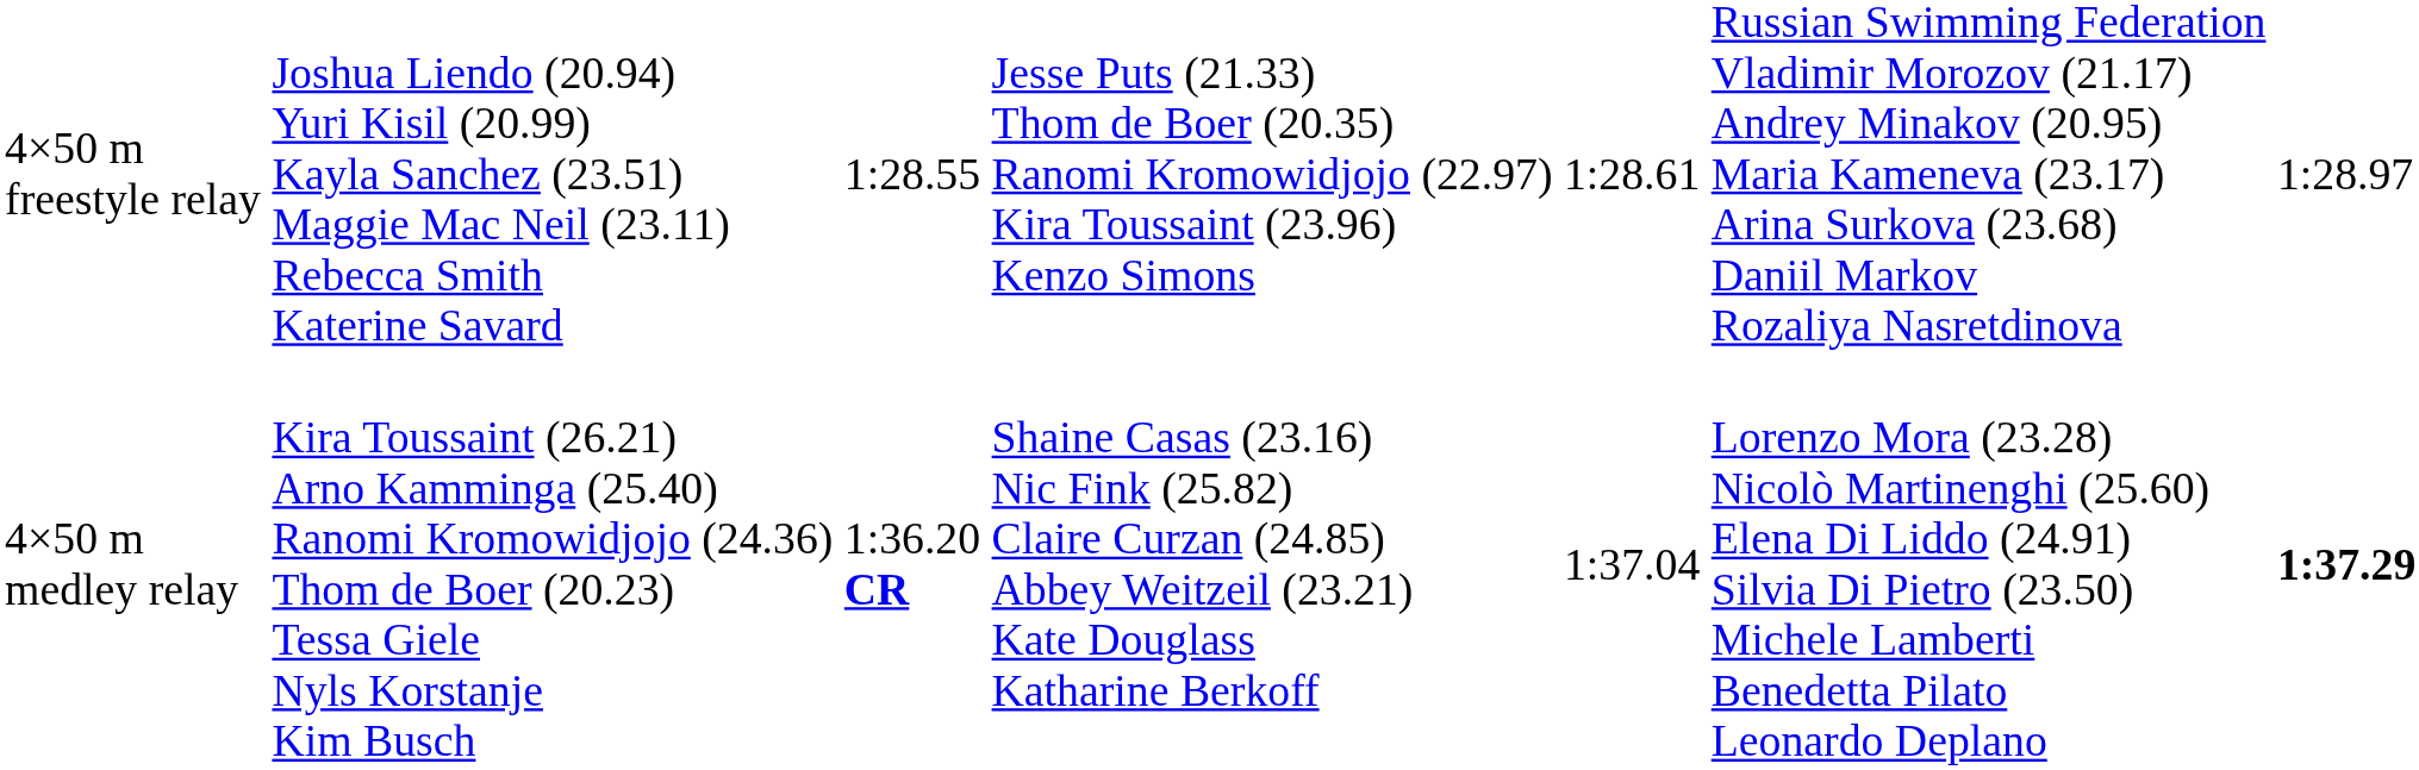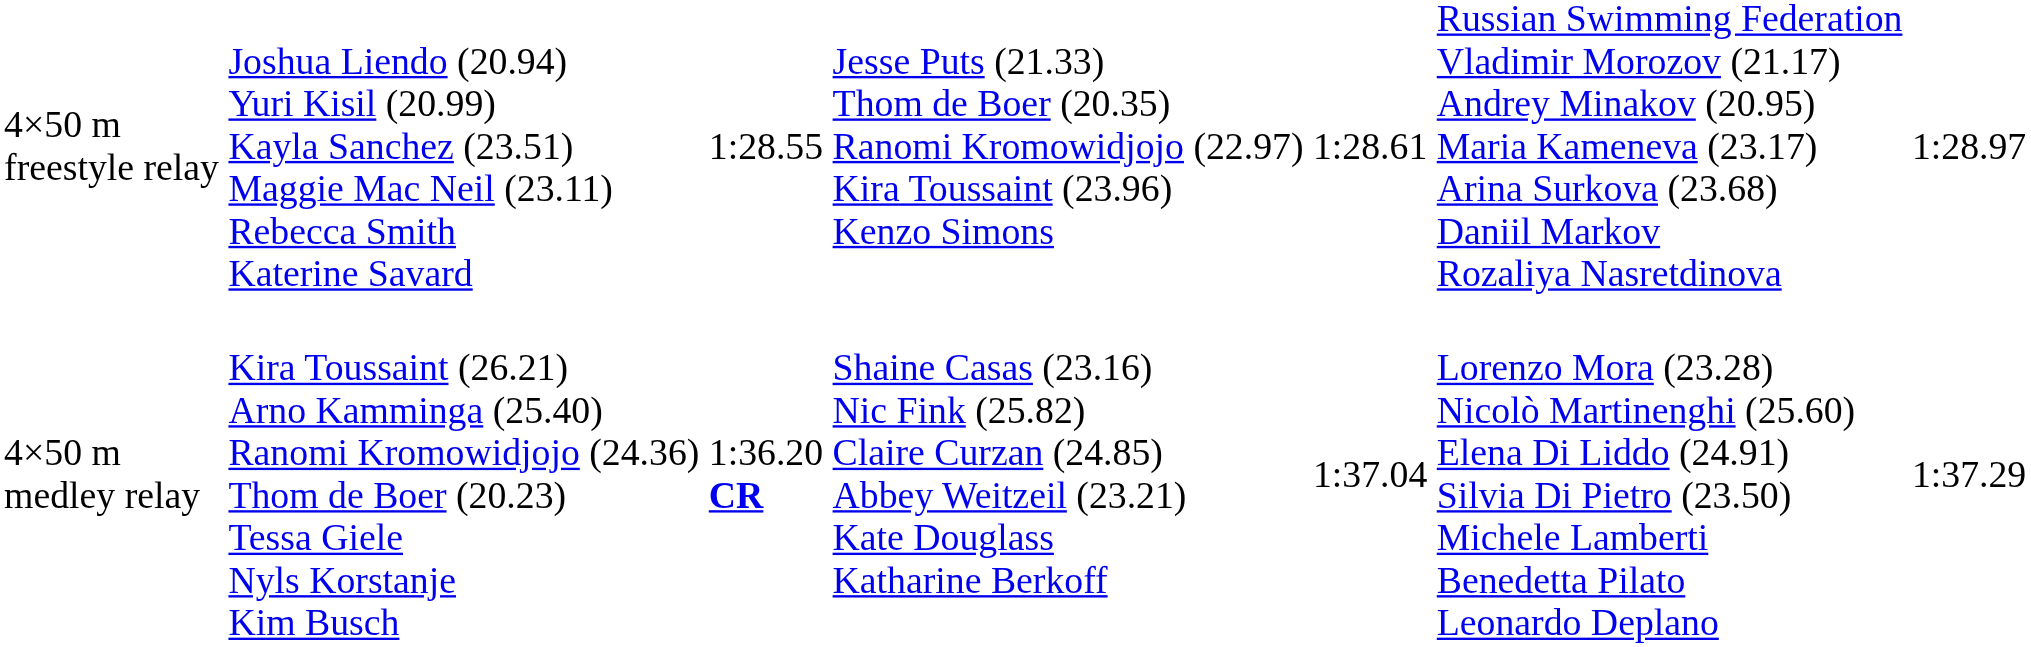 <table>
 <tr>
 <td>4×50 m<br>freestyle relay<br></td>
 <td valign=top><br><a href='#'>Joshua Liendo</a> (20.94)<br><a href='#'>Yuri Kisil</a> (20.99)<br><a href='#'>Kayla Sanchez</a> (23.51)<br><a href='#'>Maggie Mac Neil</a> (23.11)<br><a href='#'>Rebecca Smith</a><br><a href='#'>Katerine Savard</a></td>
 <td>1:28.55</td>
 <td valign=top><br><a href='#'>Jesse Puts</a> (21.33)<br><a href='#'>Thom de Boer</a> (20.35)<br><a href='#'>Ranomi Kromowidjojo</a> (22.97)<br><a href='#'>Kira Toussaint</a> (23.96)<br><a href='#'>Kenzo Simons</a></td>
 <td>1:28.61</td>
 <td valign=top><a href='#'>Russian Swimming Federation</a><br><a href='#'>Vladimir Morozov</a> (21.17)<br><a href='#'>Andrey Minakov</a> (20.95)<br><a href='#'>Maria Kameneva</a> (23.17)<br><a href='#'>Arina Surkova</a> (23.68)<br><a href='#'>Daniil Markov</a><br><a href='#'>Rozaliya Nasretdinova</a></td>
 <td>1:28.97</td>
 </tr>
 <tr>
 <td>4×50 m<br>medley relay<br></td>
 <td valign=top><br><a href='#'>Kira Toussaint</a> (26.21)<br><a href='#'>Arno Kamminga</a> (25.40)<br><a href='#'>Ranomi Kromowidjojo</a> (24.36)<br><a href='#'>Thom de Boer</a> (20.23)<br><a href='#'>Tessa Giele</a> <br><a href='#'>Nyls Korstanje</a> <br><a href='#'>Kim Busch</a></td>
 <td>1:36.20<br><strong><a href='#'>CR</a></strong></td>
 <td valign=top><br><a href='#'>Shaine Casas</a> (23.16)<br><a href='#'>Nic Fink</a> (25.82)<br><a href='#'>Claire Curzan</a> (24.85)<br><a href='#'>Abbey Weitzeil</a> (23.21)<br><a href='#'>Kate Douglass</a><br><a href='#'>Katharine Berkoff</a></td>
 <td>1:37.04</td>
 <td valign=top><br><a href='#'>Lorenzo Mora</a> (23.28)<br><a href='#'>Nicolò Martinenghi</a> (25.60)<br><a href='#'>Elena Di Liddo</a> (24.91)<br><a href='#'>Silvia Di Pietro</a> (23.50)<br><a href='#'>Michele Lamberti</a><br><a href='#'>Benedetta Pilato</a><br><a href='#'>Leonardo Deplano</a></td>
-<td><strong>1:37.29</strong></td>
+<td>1:37.29</td>
 </tr>
 </table>
